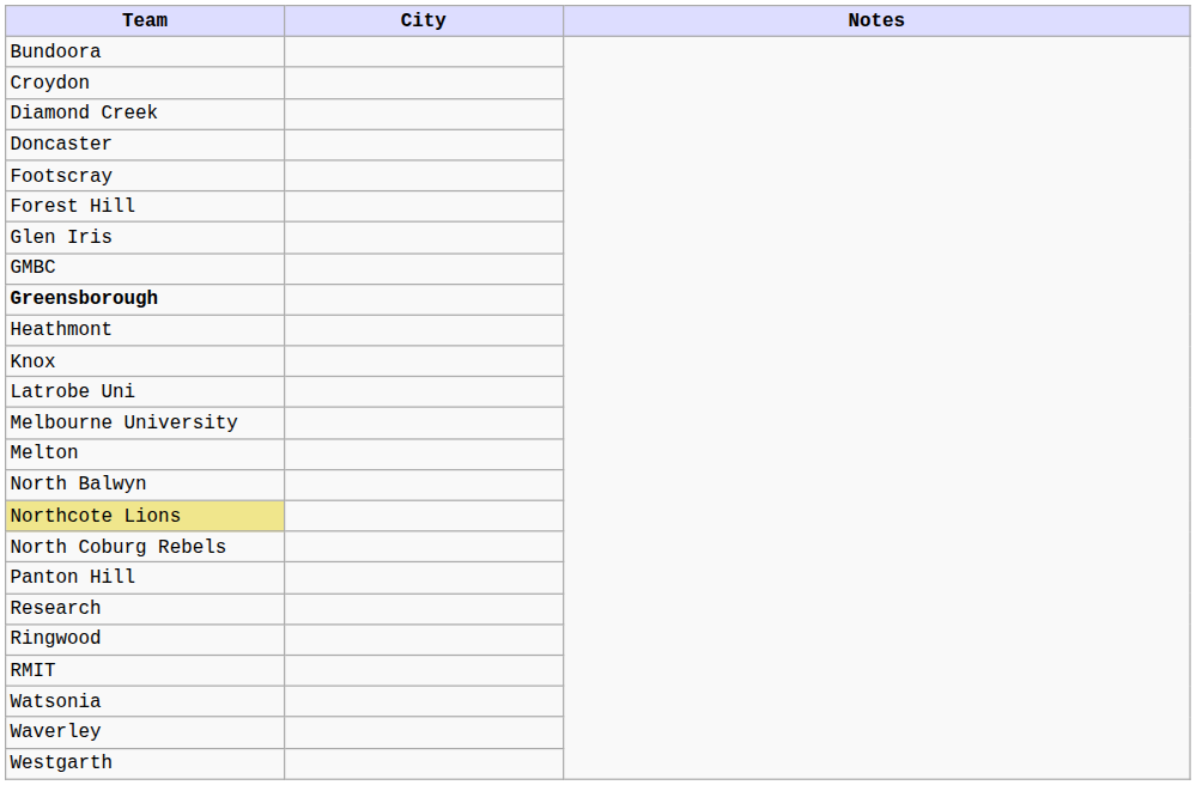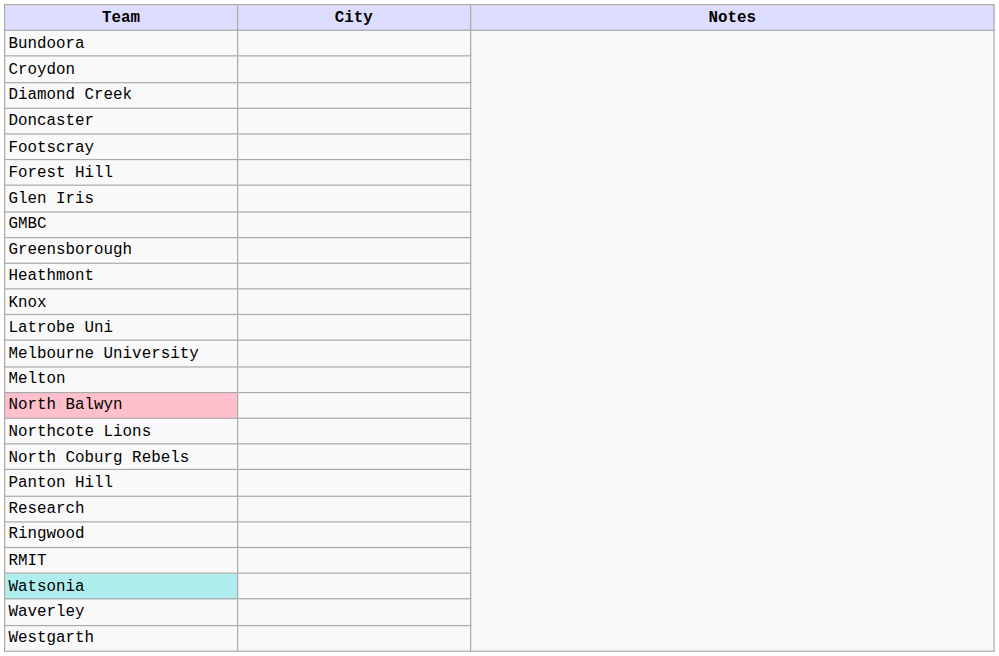 <table class="wikitable">
 <tr>
 <th style="background:#ddf; width:20%;">Team</th>
 <th style="background:#ddf; width:20%;">City</th>
 <th style="background:#ddf; width:45%;">Notes</th>
 </tr>
 <tr>
 <td>Bundoora</td>
 <td></td>
 </tr>
 <tr>
 <td>Croydon</td>
 <td></td>
 </tr>
 <tr>
 <td>Diamond Creek</td>
 <td></td>
 </tr>
 <tr>
 <td>Doncaster</td>
 <td></td>
 </tr>
 <tr>
 <td>Footscray</td>
 <td></td>
 </tr>
 <tr>
 <td>Forest Hill</td>
 <td></td>
 </tr>
 <tr>
 <td>Glen Iris</td>
 <td></td>
 </tr>
 <tr>
 <td>GMBC</td>
 <td></td>
 </tr>
 <tr>
-<td><strong>Greensborough</strong></td>
+<td>Greensborough</td>
 <td></td>
 </tr>
 <tr>
 <td>Heathmont</td>
 <td></td>
 </tr>
 <tr>
 <td>Knox</td>
 <td></td>
 </tr>
 <tr>
 <td>Latrobe Uni</td>
 <td></td>
 </tr>
 <tr>
 <td>Melbourne University</td>
 <td></td>
 </tr>
 <tr>
 <td>Melton</td>
 <td></td>
 </tr>
 <tr>
-<td>North Balwyn</td>
+<td style="background: pink;">North Balwyn</td>
 <td></td>
 </tr>
 <tr>
-<td style="background: khaki;">Northcote Lions</td>
+<td>Northcote Lions</td>
 <td></td>
 </tr>
 <tr>
 <td>North Coburg Rebels </td>
 <td></td>
 </tr>
 <tr>
 <td>Panton Hill</td>
 <td></td>
 </tr>
 <tr>
 <td>Research 	</td>
 <td></td>
 </tr>
 <tr>
 <td>Ringwood</td>
 <td></td>
 </tr>
 <tr>
 <td>RMIT</td>
 <td></td>
 </tr>
 <tr>
-<td>Watsonia</td>
+<td style="background: paleturquoise;">Watsonia</td>
 <td></td>
 </tr>
 <tr>
 <td>Waverley</td>
 <td></td>
 </tr>
 <tr>
 <td>Westgarth</td>
 <td></td>
 </tr>
 </table>
